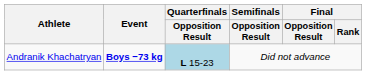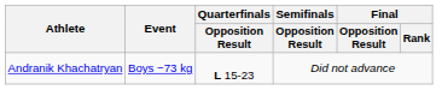 <table class="wikitable" style="font-size:90%;">
 <tr>
 <th rowspan=2>Athlete</th>
 <th rowspan=2>Event</th>
 <th>Quarterfinals</th>
 <th>Semifinals</th>
 <th colspan=2>Final</th>
 </tr>
 <tr style="font-size:95%">
 <th>Opposition<br>Result</th>
 <th>Opposition<br>Result</th>
 <th>Opposition<br>Result</th>
 <th>Rank</th>
 </tr>
 <tr align=center>
 <td align=left><a href='#'>Andranik Khachatryan</a></td>
-<td align=left><strong><a href='#'>Boys −73 kg</a></strong></td>
-<td style="background: lightblue;"><br> <strong>L</strong> 15-23</td>
+<td align=left><a href='#'>Boys −73 kg</a></td>
+<td><br> <strong>L</strong> 15-23</td>
 <td Colspan=3><em>Did not advance</em></td>
 </tr>
 </table>
